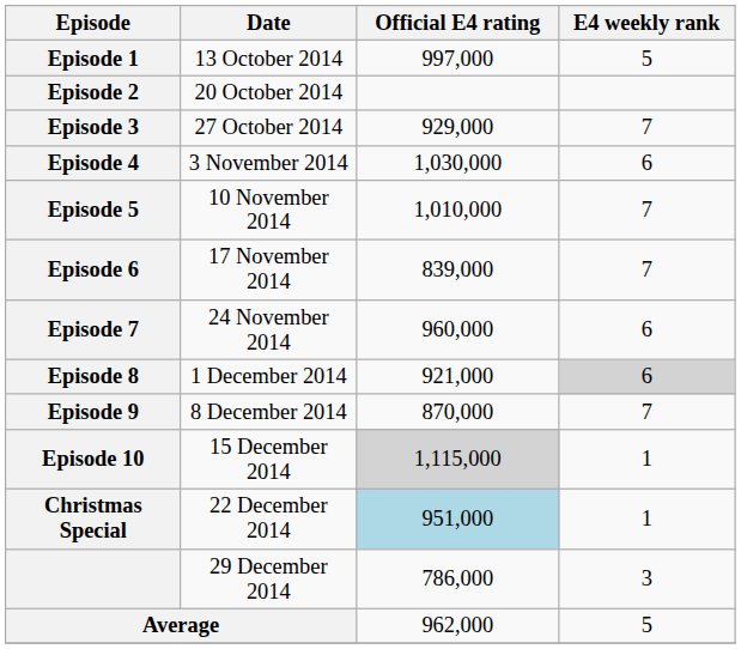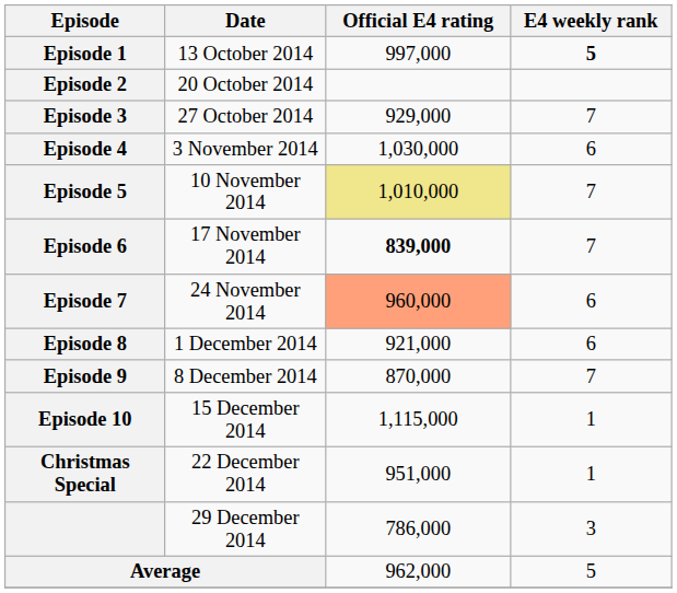 <table class="wikitable sortable" style="text-align:center">
 <tr>
 <th scope="col" style="width:120px;">Episode</th>
 <th scope="col" style="width:120px;">Date</th>
 <th scope="col" style="width:140px;">Official E4 rating</th>
 <th scope="col" style="width:120px;">E4 weekly rank</th>
 </tr>
 <tr>
 <th scope="row">Episode 1</th>
 <td>13 October 2014</td>
 <td>997,000</td>
-<td>5</td>
+<td><strong>5</strong></td>
 </tr>
 <tr>
 <th scope="row">Episode 2</th>
 <td>20 October 2014</td>
 <td></td>
 <td></td>
 </tr>
 <tr>
 <th scope="row">Episode 3</th>
 <td>27 October 2014</td>
 <td>929,000</td>
 <td>7</td>
 </tr>
 <tr>
 <th scope="row">Episode 4</th>
 <td>3 November 2014</td>
 <td>1,030,000</td>
 <td>6</td>
 </tr>
 <tr>
 <th scope="row">Episode 5</th>
 <td>10 November 2014</td>
-<td>1,010,000</td>
+<td style="background: khaki;">1,010,000</td>
 <td>7</td>
 </tr>
 <tr>
 <th scope="row">Episode 6</th>
 <td>17 November 2014</td>
-<td>839,000</td>
+<td><strong>839,000</strong></td>
 <td>7</td>
 </tr>
 <tr>
 <th scope="row">Episode 7</th>
 <td>24 November 2014</td>
-<td>960,000</td>
+<td style="background: lightsalmon;">960,000</td>
 <td>6</td>
 </tr>
 <tr>
 <th scope="row">Episode 8</th>
 <td>1 December 2014</td>
 <td>921,000</td>
-<td style="background: lightgrey;">6</td>
+<td>6</td>
 </tr>
 <tr>
 <th scope="row">Episode 9</th>
 <td>8 December 2014</td>
 <td>870,000</td>
 <td>7</td>
 </tr>
 <tr>
 <th scope="row">Episode 10</th>
 <td>15 December 2014</td>
-<td style="background: lightgrey;">1,115,000</td>
+<td>1,115,000</td>
 <td>1</td>
 </tr>
 <tr>
 <th scope="row">Christmas Special</th>
 <td>22 December 2014</td>
-<td style="background: lightblue;">951,000</td>
+<td>951,000</td>
 <td>1</td>
 </tr>
 <tr>
 <th scope="row"></th>
 <td>29 December 2014</td>
 <td>786,000</td>
 <td>3</td>
 </tr>
 <tr>
 <th scope="row" colspan="2">Average</th>
 <td>962,000</td>
 <td>5</td>
 </tr>
 <tr>
 </tr>
 </table>
